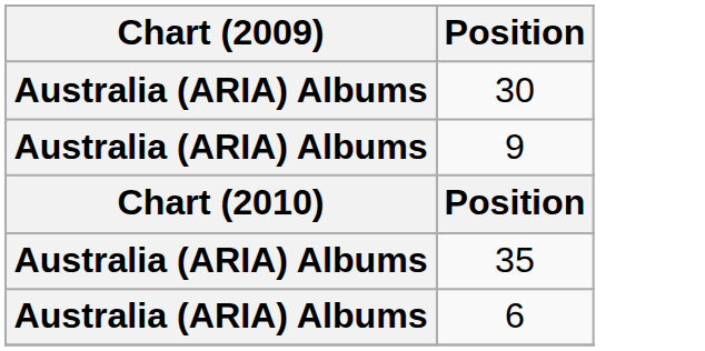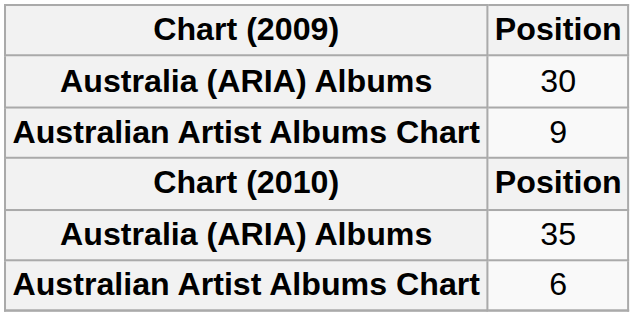 <table class="wikitable sortable plainrowheaders" style="text-align:center">
 <tr>
 <th scope="col">Chart (2009)</th>
 <th scope="col">Position</th>
 </tr>
 <tr>
 <th scope="row">Australia (ARIA) Albums </th>
 <td>30</td>
 </tr>
 <tr>
-<th scope="row">Australia (ARIA) Albums </th>
+<th scope="row">Australian Artist Albums Chart</th>
 <td>9</td>
 </tr>
 <tr>
 <th scope="col">Chart (2010)</th>
 <th scope="col">Position</th>
 </tr>
 <tr>
 <th scope="row">Australia (ARIA) Albums </th>
 <td>35</td>
 </tr>
 <tr>
-<th scope="row">Australia (ARIA) Albums </th>
+<th scope="row">Australian Artist Albums Chart</th>
 <td>6</td>
 </tr>
 <tr>
 </tr>
 </table>
